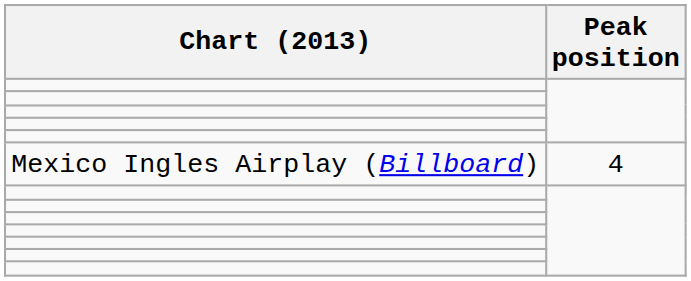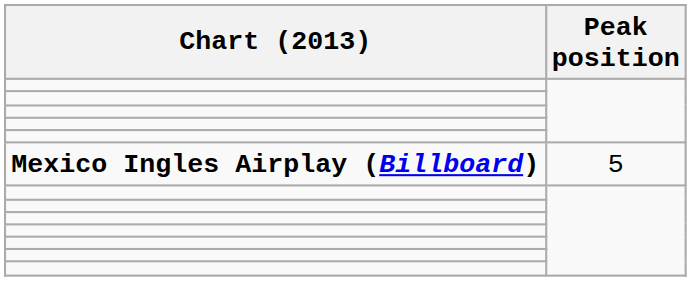 <table class="wikitable sortable">
 <tr>
 <th>Chart (2013)</th>
 <th>Peak<br>position</th>
 </tr>
 <tr>
 <td></td>
 </tr>
 <tr>
 <td></td>
 </tr>
 <tr>
 <td></td>
 </tr>
 <tr>
 <td></td>
 </tr>
 <tr>
 <td></td>
 </tr>
 <tr>
-<td>Mexico Ingles Airplay (<em><a href='#'>Billboard</a></em>)</td>
-<td style="text-align:center;">4</td>
+<td><strong>Mexico Ingles Airplay (<em><a href='#'>Billboard</a></em>)</strong></td>
+<td style="text-align:center;">5</td>
 </tr>
 <tr>
 <td></td>
 </tr>
 <tr>
 <td></td>
 </tr>
 <tr>
 <td></td>
 </tr>
 <tr>
 <td></td>
 </tr>
 <tr>
 <td></td>
 </tr>
 <tr>
 <td></td>
 </tr>
 <tr>
 <td></td>
 </tr>
 </table>
